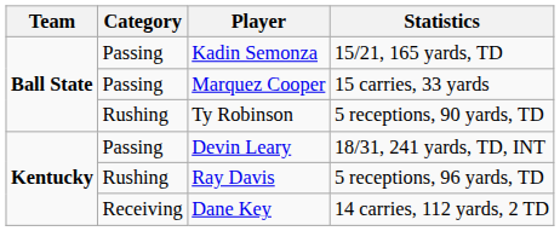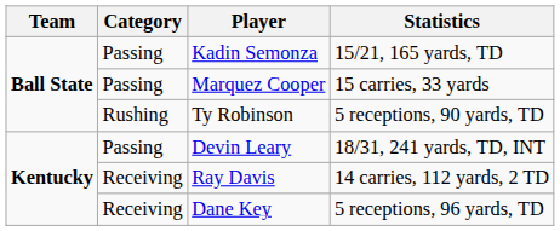 <table class="wikitable" style="float: right;">
 <tr>
 <th>Team</th>
 <th>Category</th>
 <th>Player</th>
 <th>Statistics</th>
 </tr>
 <tr>
 <td rowspan=3><strong>Ball State</strong></td>
 <td>Passing</td>
 <td><a href='#'>Kadin Semonza</a></td>
 <td>15/21, 165 yards, TD</td>
 </tr>
 <tr>
 <td>Passing</td>
 <td><a href='#'>Marquez Cooper</a></td>
 <td>15 carries, 33 yards</td>
 </tr>
 <tr>
 <td>Rushing</td>
 <td>Ty Robinson</td>
 <td>5 receptions, 90 yards, TD</td>
 </tr>
 <tr>
 <td rowspan=3><strong>Kentucky</strong></td>
 <td>Passing</td>
 <td><a href='#'>Devin Leary</a></td>
 <td>18/31, 241 yards, TD, INT</td>
 </tr>
 <tr>
-<td>Rushing</td>
+<td>Receiving</td>
 <td><a href='#'>Ray Davis</a></td>
-<td>5 receptions, 96 yards, TD</td>
+<td>14 carries, 112 yards, 2 TD</td>
 </tr>
 <tr>
 <td>Receiving</td>
 <td><a href='#'>Dane Key</a></td>
-<td>14 carries, 112 yards, 2 TD</td>
+<td>5 receptions, 96 yards, TD</td>
 </tr>
 </table>
